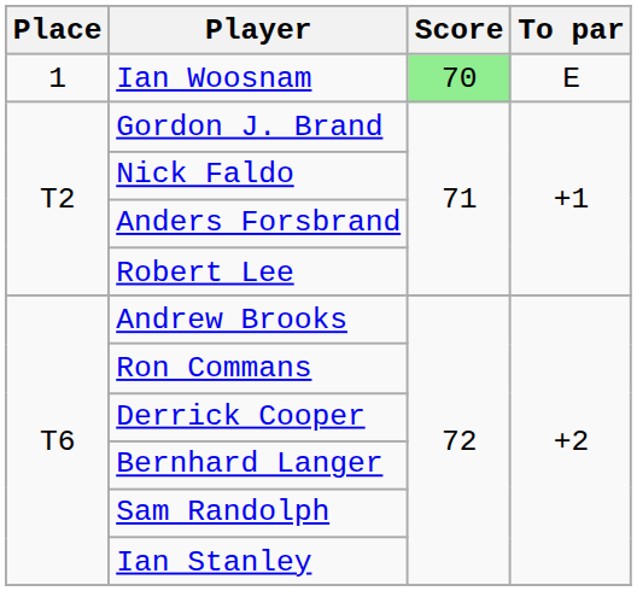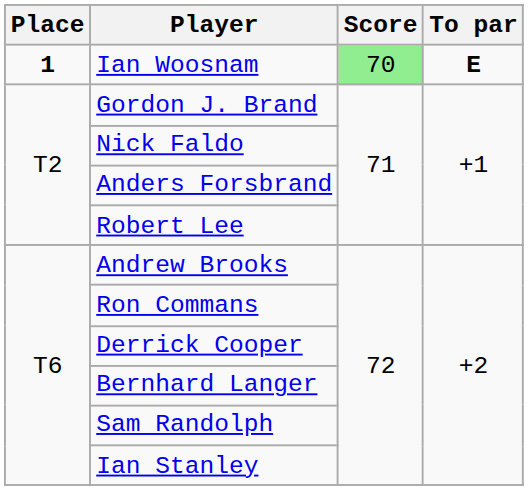 <table class="wikitable">
 <tr>
 <th>Place</th>
 <th>Player</th>
 <th>Score</th>
 <th>To par</th>
 </tr>
 <tr =>
-<td align=center>1</td>
+<td align=center><strong>1</strong></td>
 <td> <a href='#'>Ian Woosnam</a></td>
 <td align=center style="background: lightgreen;">70</td>
-<td align=center>E</td>
+<td align=center><strong>E</strong></td>
 </tr>
 <tr>
 <td rowspan="4" align=center>T2</td>
 <td> <a href='#'>Gordon J. Brand</a></td>
 <td rowspan="4" align=center>71</td>
 <td rowspan="4" align=center>+1</td>
 </tr>
 <tr>
 <td> <a href='#'>Nick Faldo</a></td>
 </tr>
 <tr>
 <td> <a href='#'>Anders Forsbrand</a></td>
 </tr>
 <tr>
 <td> <a href='#'>Robert Lee</a></td>
 </tr>
 <tr>
 <td rowspan="6" align=center>T6</td>
 <td> <a href='#'>Andrew Brooks</a></td>
 <td rowspan="6" align=center>72</td>
 <td rowspan="6" align=center>+2</td>
 </tr>
 <tr>
 <td> <a href='#'>Ron Commans</a></td>
 </tr>
 <tr>
 <td> <a href='#'>Derrick Cooper</a></td>
 </tr>
 <tr>
 <td> <a href='#'>Bernhard Langer</a></td>
 </tr>
 <tr>
 <td> <a href='#'>Sam Randolph</a></td>
 </tr>
 <tr>
 <td> <a href='#'>Ian Stanley</a></td>
 </tr>
 </table>
